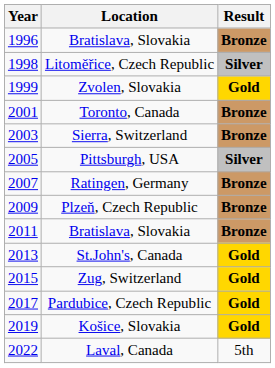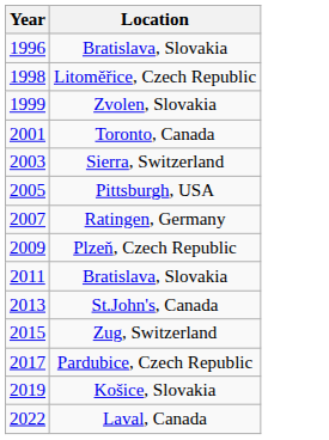 <table class="wikitable" style="text-align:center;">
 <tr>
 <th>Year</th>
 <th>Location</th>
-<th>Result</th>
 </tr>
 <tr>
 <td><a href='#'>1996</a></td>
 <td><a href='#'>Bratislava</a>, Slovakia</td>
-<td style="background:#c96;"><strong>Bronze</strong></td>
 </tr>
 <tr>
 <td><a href='#'>1998</a></td>
 <td><a href='#'>Litoměřice</a>, Czech Republic</td>
-<td bgcolor=silver><strong>Silver</strong></td>
 </tr>
 <tr>
 <td><a href='#'>1999</a></td>
 <td><a href='#'>Zvolen</a>, Slovakia</td>
-<td bgcolor=gold><strong>Gold</strong></td>
 </tr>
 <tr>
 <td><a href='#'>2001</a></td>
 <td><a href='#'>Toronto</a>, Canada</td>
-<td style="background:#c96;"><strong>Bronze</strong></td>
 </tr>
 <tr>
 <td><a href='#'>2003</a></td>
 <td><a href='#'>Sierra</a>, Switzerland</td>
-<td style="background:#c96;"><strong>Bronze</strong></td>
 </tr>
 <tr>
 <td><a href='#'>2005</a></td>
 <td><a href='#'>Pittsburgh</a>, USA</td>
-<td bgcolor=silver><strong>Silver</strong></td>
 </tr>
 <tr>
 <td><a href='#'>2007</a></td>
 <td><a href='#'>Ratingen</a>, Germany</td>
-<td style="background:#c96;"><strong>Bronze</strong></td>
 </tr>
 <tr>
 <td><a href='#'>2009</a></td>
 <td><a href='#'>Plzeň</a>, Czech Republic</td>
-<td style="background:#c96;"><strong>Bronze</strong></td>
 </tr>
 <tr>
 <td><a href='#'>2011</a></td>
 <td><a href='#'>Bratislava</a>, Slovakia</td>
-<td style="background:#c96;"><strong>Bronze</strong></td>
 </tr>
 <tr>
 <td><a href='#'>2013</a></td>
 <td><a href='#'>St.John's</a>, Canada</td>
-<td bgcolor=gold><strong>Gold</strong></td>
 </tr>
 <tr>
 <td><a href='#'>2015</a></td>
 <td><a href='#'>Zug</a>, Switzerland</td>
-<td bgcolor=gold><strong>Gold</strong></td>
 </tr>
 <tr>
 <td><a href='#'>2017</a></td>
 <td><a href='#'>Pardubice</a>, Czech Republic</td>
-<td bgcolor=gold><strong>Gold</strong></td>
 </tr>
 <tr>
 <td><a href='#'>2019</a></td>
 <td><a href='#'>Košice</a>, Slovakia</td>
-<td bgcolor=gold><strong>Gold</strong></td>
 </tr>
 <tr>
 <td><a href='#'>2022</a></td>
 <td><a href='#'>Laval</a>, Canada</td>
-<td>5th</td>
 </tr>
 </table>
